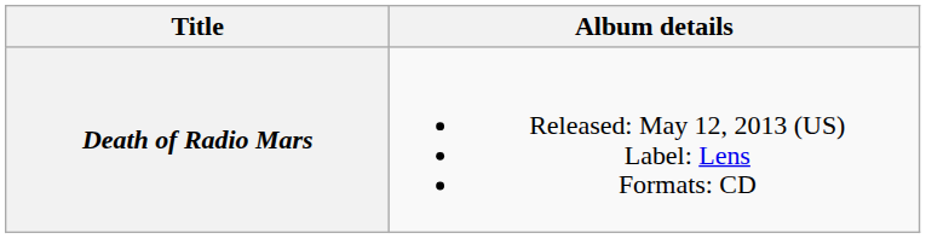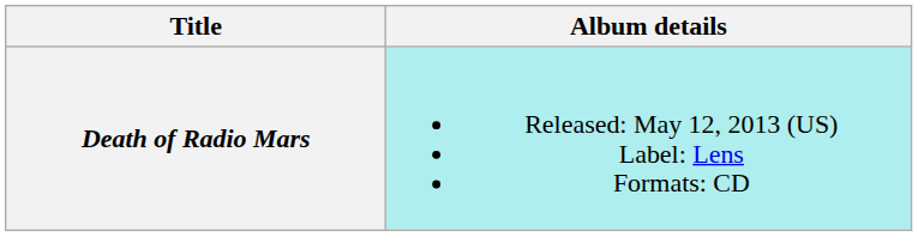 <table class="wikitable plainrowheaders" style="text-align:center;">
 <tr>
 <th scope="col" rowspan="1" style="width:14em;">Title</th>
 <th scope="col" rowspan="1" style="width:19.5em;">Album details</th>
 </tr>
 <tr>
 <th scope="row"><em>Death of Radio Mars</em></th>
-<td><br><ul><li>Released: May 12, 2013 <span>(US)</span></li><li>Label: <a href='#'>Lens</a></li><li>Formats: CD</li></ul></td>
+<td style="background: paleturquoise;"><br><ul><li>Released: May 12, 2013 <span>(US)</span></li><li>Label: <a href='#'>Lens</a></li><li>Formats: CD</li></ul></td>
 </tr>
 </table>
